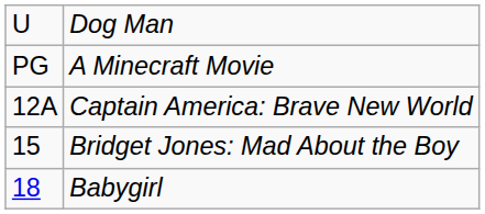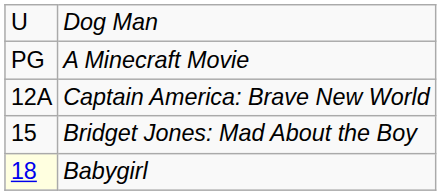 <table class="wikitable sortable" style="margin:auto; margin:auto;">
 <tr>
 <td>U</td>
 <td><em>Dog Man</em></td>
 </tr>
 <tr>
 <td>PG</td>
 <td><em>A Minecraft Movie</em></td>
 </tr>
 <tr>
 <td>12A</td>
 <td><em>Captain America: Brave New World</em></td>
 </tr>
 <tr>
 <td>15</td>
 <td><em>Bridget Jones: Mad About the Boy</em></td>
 </tr>
 <tr>
-<td><a href='#'>18</a></td>
+<td style="background: lightyellow;"><a href='#'>18</a></td>
 <td><em>Babygirl</em> </td>
 </tr>
 </table>
